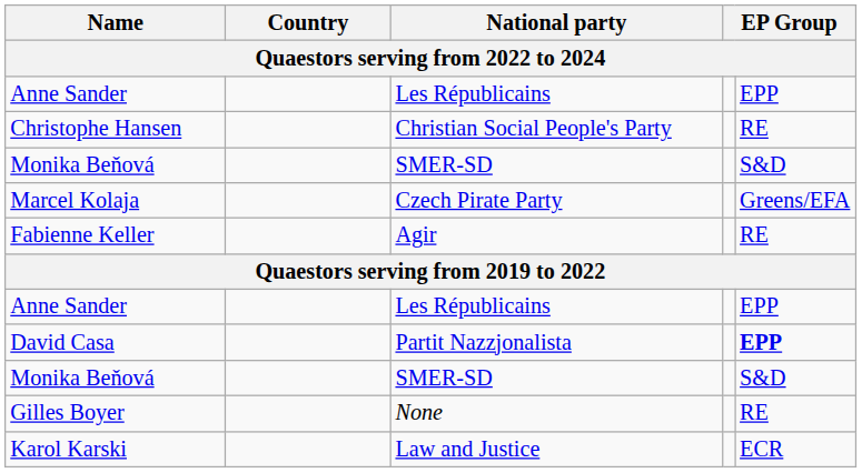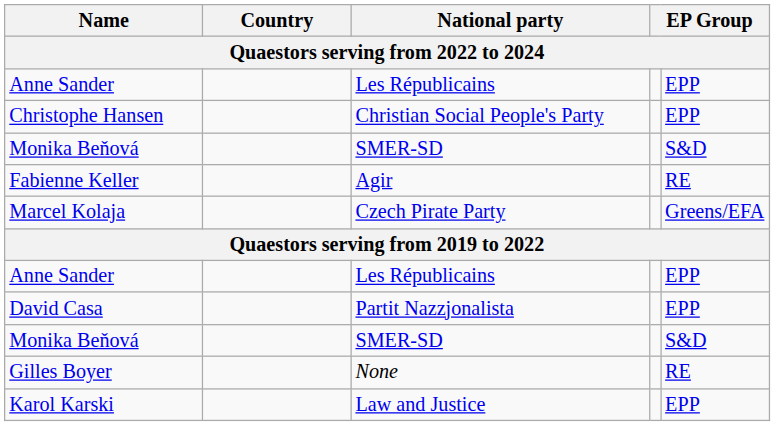 <table class="wikitable">
 <tr>
 <th style="width:150px;">Name</th>
 <th style="width:110px;">Country</th>
 <th style="width:230px;">National party</th>
 <th colspan="2" style="width:60px;">EP Group</th>
 </tr>
 <tr>
 <th colspan="5" scope="col">Quaestors serving from 2022 to 2024</th>
 </tr>
 <tr>
 <td><a href='#'>Anne Sander</a></td>
 <td></td>
 <td><a href='#'>Les Républicains</a></td>
 <td style="width:1px;background-color:"></td>
 <td><a href='#'>EPP</a></td>
 </tr>
 <tr>
 <td><a href='#'>Christophe Hansen</a></td>
 <td></td>
 <td><a href='#'>Christian Social People's Party</a></td>
 <td style="width:1px;background-color:"></td>
-<td><a href='#'>RE</a></td>
+<td><a href='#'>EPP</a></td>
 </tr>
 <tr>
 <td><a href='#'>Monika Beňová</a></td>
 <td></td>
 <td><a href='#'>SMER-SD</a></td>
 <td style="width:1px;background-color:"></td>
 <td><a href='#'>S&D</a></td>
 </tr>
 <tr>
+<td><a href='#'>Fabienne Keller</a></td>
+<td></td>
+<td><a href='#'>Agir</a></td>
+<td style="width:1px;background-color:"></td>
+<td><a href='#'>RE</a></td>
+</tr>
+<tr>
 <td><a href='#'>Marcel Kolaja</a></td>
 <td></td>
 <td><a href='#'>Czech Pirate Party</a></td>
 <td style="width:1px;background-color:"></td>
 <td><a href='#'>Greens/EFA</a></td>
-</tr>
-<tr>
-<td><a href='#'>Fabienne Keller</a></td>
-<td></td>
-<td><a href='#'>Agir</a></td>
-<td style="width:1px;background-color:"></td>
-<td><a href='#'>RE</a></td>
 </tr>
 <tr>
 <th colspan="5">Quaestors serving from 2019 to 2022</th>
 </tr>
 <tr>
 <td><a href='#'>Anne Sander</a></td>
 <td></td>
 <td><a href='#'>Les Républicains</a></td>
 <td style="width:1px; background-color:"></td>
 <td><a href='#'>EPP</a></td>
 </tr>
 <tr>
 <td><a href='#'>David Casa</a></td>
 <td></td>
 <td><a href='#'>Partit Nazzjonalista</a></td>
 <td style="width:1px;background-color:"></td>
-<td><strong><a href='#'>EPP</a></strong></td>
+<td><a href='#'>EPP</a></td>
 </tr>
 <tr>
 <td><a href='#'>Monika Beňová</a></td>
 <td></td>
 <td><a href='#'>SMER-SD</a></td>
 <td style="width:1px;background-color:"></td>
 <td><a href='#'>S&D</a></td>
 </tr>
 <tr>
 <td><a href='#'>Gilles Boyer</a></td>
 <td></td>
 <td><em>None</em></td>
 <td style="width:1px;background-color:"></td>
 <td><a href='#'>RE</a></td>
 </tr>
 <tr>
 <td><a href='#'>Karol Karski</a></td>
 <td></td>
 <td><a href='#'>Law and Justice</a></td>
 <td style="width:1px;background:"></td>
-<td><a href='#'>ECR</a></td>
+<td><a href='#'>EPP</a></td>
 </tr>
 </table>
